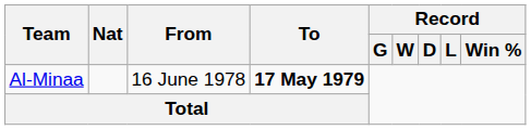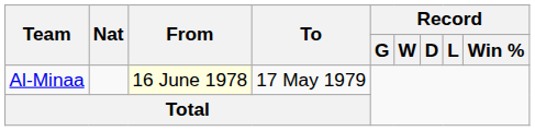 <table class="wikitable" style="text-align: center">
 <tr>
 <th rowspan="2">Team</th>
 <th rowspan="2">Nat</th>
 <th rowspan="2">From</th>
 <th rowspan="2">To</th>
 <th colspan="5">Record</th>
 </tr>
 <tr>
 <th>G</th>
 <th>W</th>
 <th>D</th>
 <th>L</th>
 <th>Win %</th>
 </tr>
 <tr>
 <td align=left><a href='#'>Al-Minaa</a></td>
 <td></td>
-<td align=left>16 June 1978</td>
-<td align=left><strong>17 May 1979<br></strong></td>
+<td align=left style="background: lightyellow;">16 June 1978</td>
+<td align=left>17 May 1979<br></td>
 </tr>
 <tr>
 <th colspan="4" align="center" valign=middle>Total<br></th>
 </tr>
 </table>
